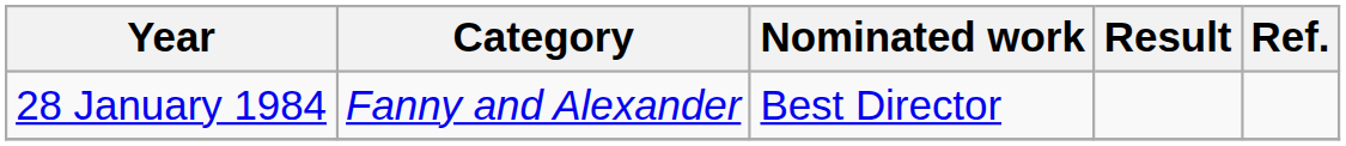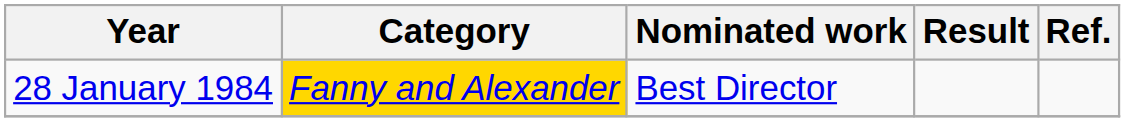 <table class="wikitable sortable">
 <tr>
 <th>Year</th>
 <th>Category</th>
 <th>Nominated work</th>
 <th>Result</th>
 <th>Ref.</th>
 </tr>
 <tr>
 <td><a href='#'>28 January 1984</a></td>
-<td><em><a href='#'>Fanny and Alexander</a></em></td>
+<td style="background: gold;"><em><a href='#'>Fanny and Alexander</a></em></td>
 <td><a href='#'>Best Director</a></td>
 <td></td>
 <td></td>
 </tr>
 <tr>
 </tr>
 </table>
